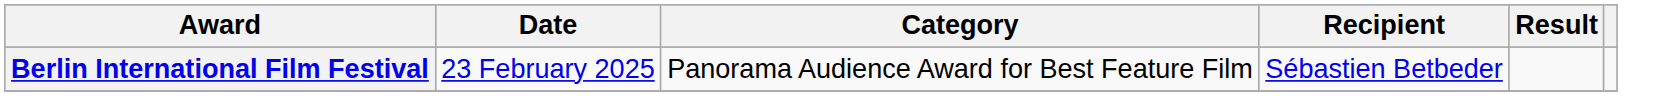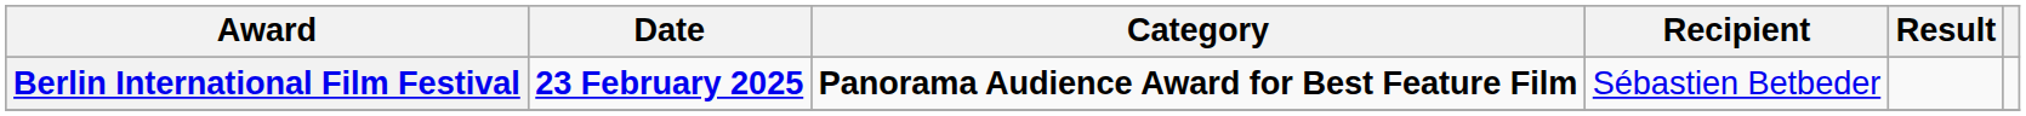 <table class="wikitable sortable plainrowheaders">
 <tr>
 <th>Award</th>
 <th>Date</th>
 <th>Category</th>
 <th>Recipient</th>
 <th>Result</th>
 <th></th>
 </tr>
 <tr>
 <th scope="row"><a href='#'>Berlin International Film Festival</a></th>
-<td><a href='#'>23 February 2025</a></td>
-<td>Panorama Audience Award for Best Feature Film</td>
+<td><strong><a href='#'>23 February 2025</a></strong></td>
+<td><strong>Panorama Audience Award for Best Feature Film</strong></td>
 <td><a href='#'>Sébastien Betbeder</a></td>
 <td></td>
 <td align="center" rowspan="1"></td>
 </tr>
 <tr>
 </tr>
 </table>
